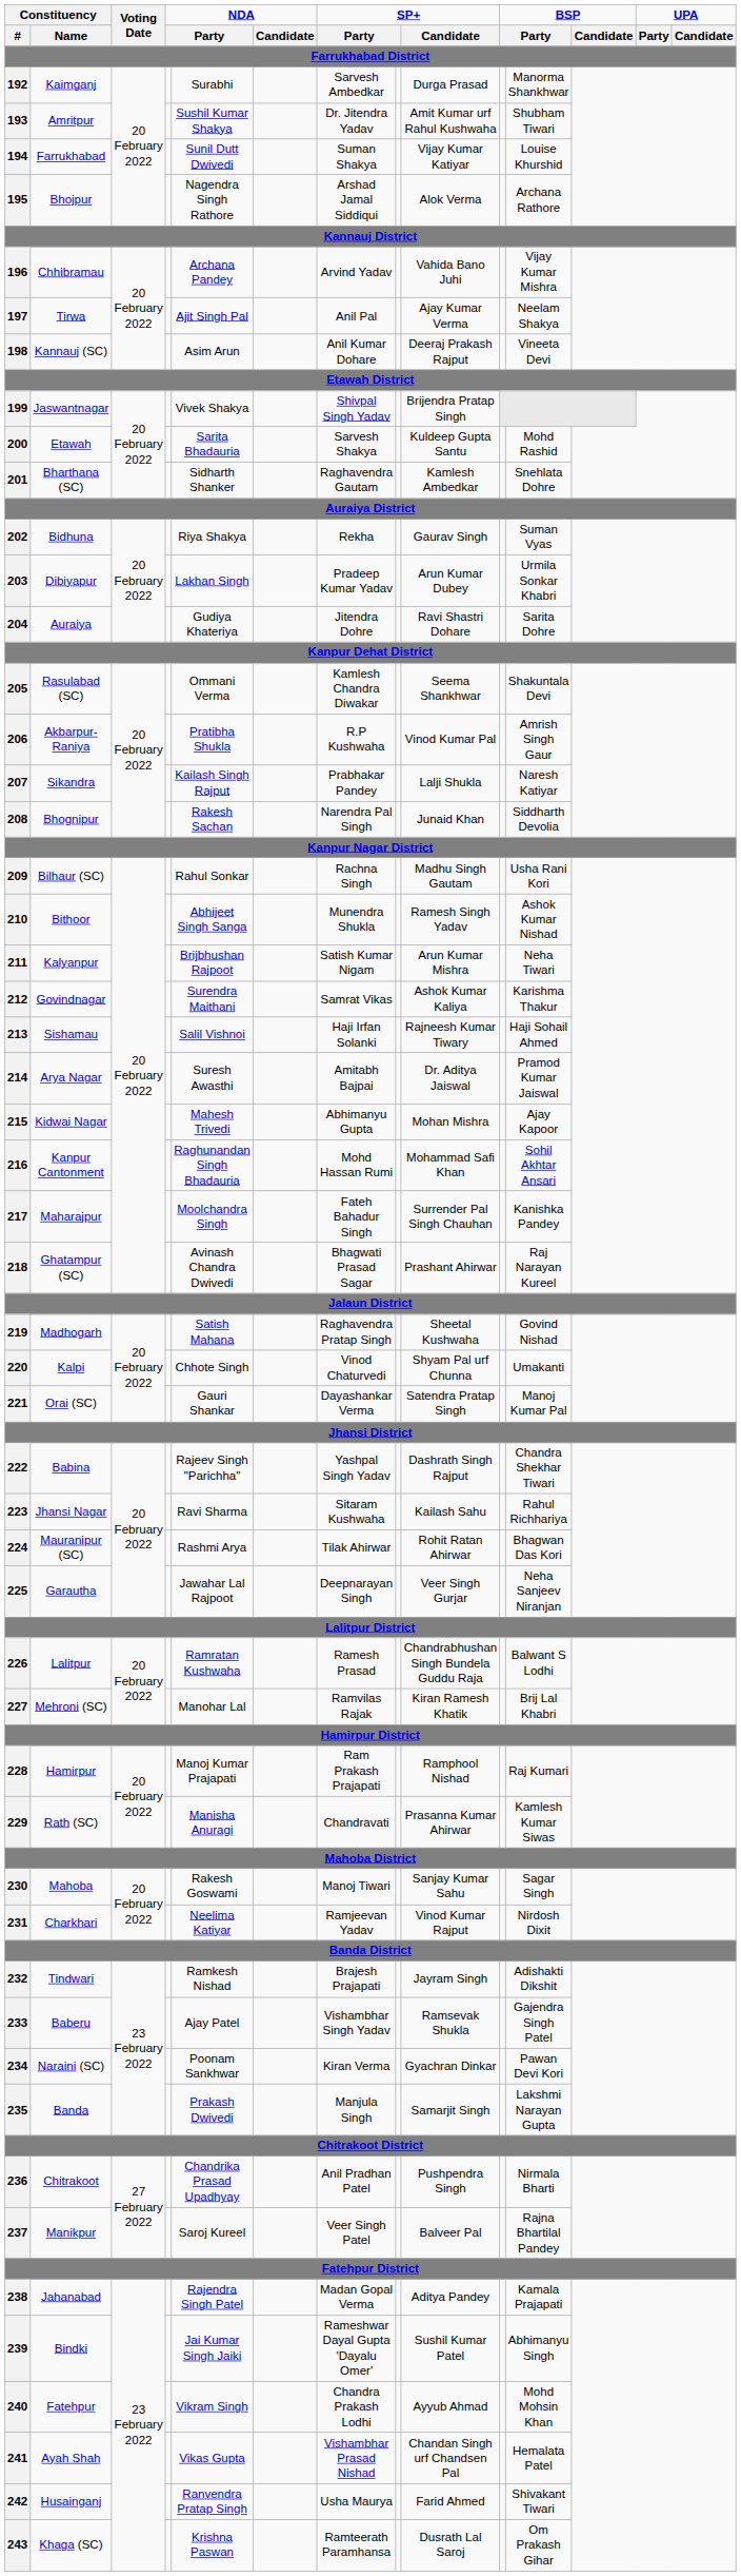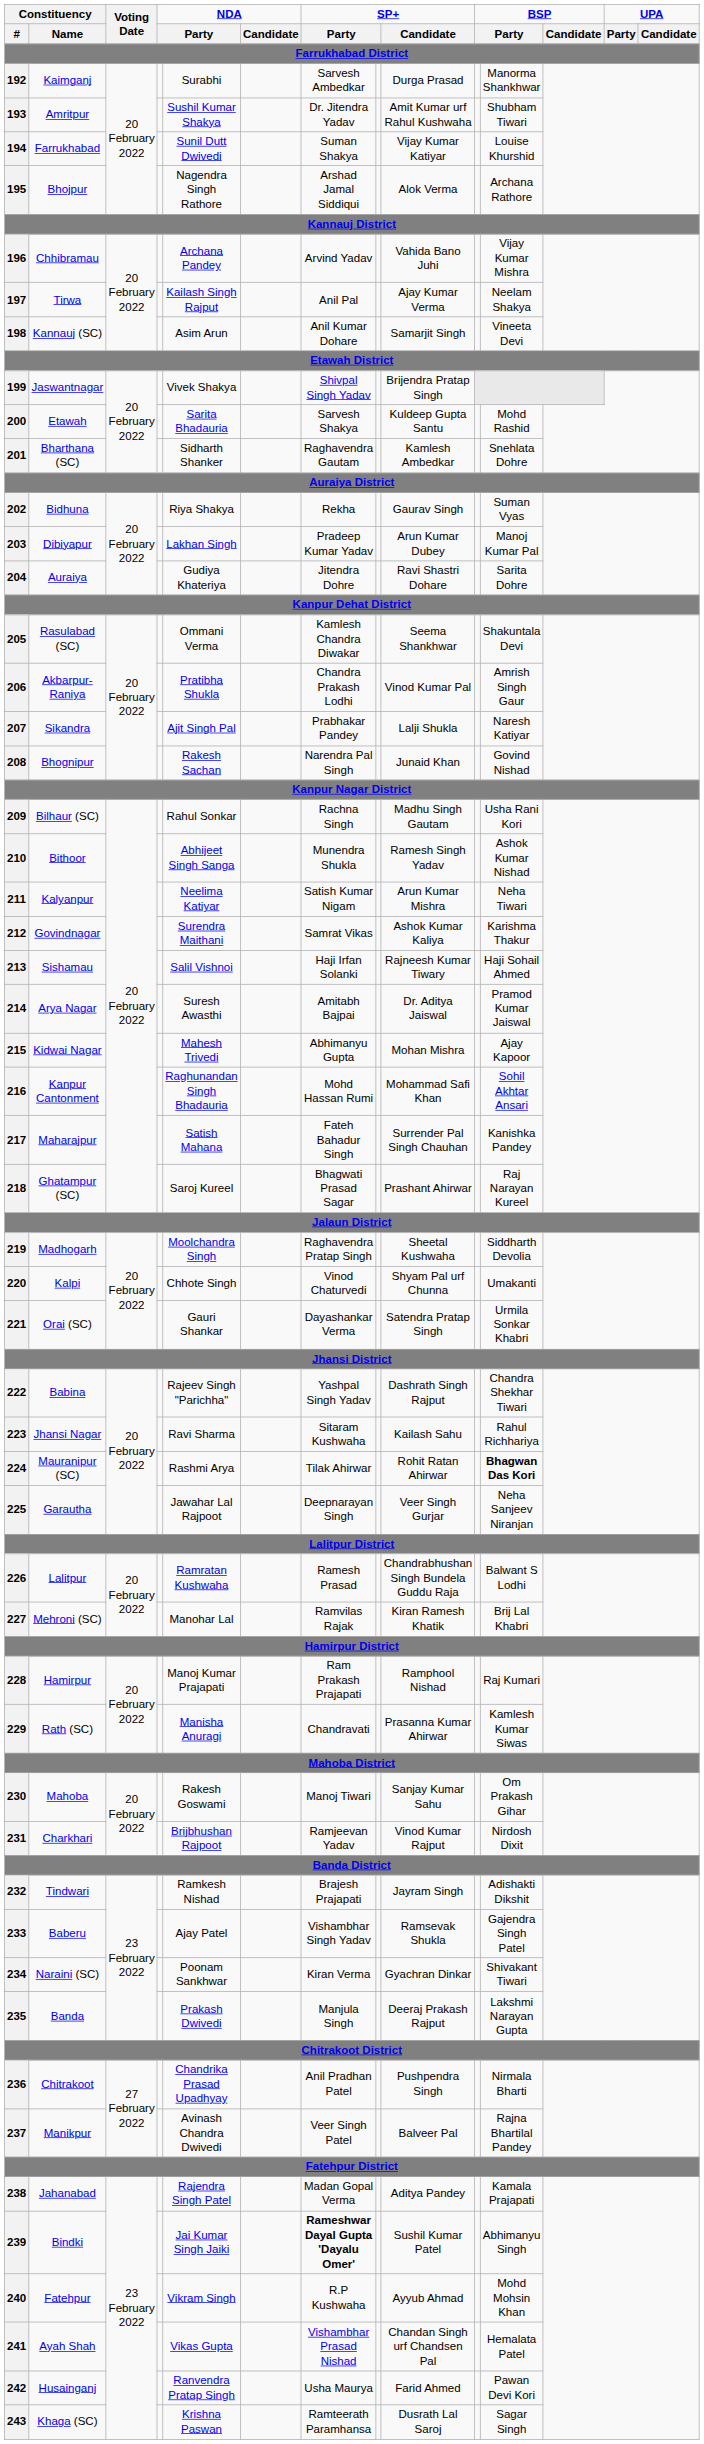 <table class="wikitable sortable mw-collapsible" style="line-height:20px;text-align:center;">
 <tr>
 <th colspan="2">Constituency</th>
 <th rowspan="2">Voting Date</th>
 <td colspan="3"><a href='#'><span><strong>NDA</strong></span></a></td>
 <td colspan="3"><a href='#'><span><strong>SP+</strong></span></a></td>
 <td colspan="3"><a href='#'><span><strong>BSP</strong></span></a></td>
 <td colspan="3"><a href='#'><span><strong>UPA</strong></span></a></td>
 </tr>
 <tr>
 <th>#</th>
 <th>Name</th>
 <th colspan="2">Party</th>
 <th>Candidate</th>
 <th colspan="2">Party</th>
 <th>Candidate</th>
 <th colspan="2">Party</th>
 <th>Candidate</th>
 <th colspan="2">Party</th>
 <th>Candidate</th>
 </tr>
 <tr>
 <td colspan="15" align="center" bgcolor="grey"><a href='#'><span><strong>Farrukhabad District</strong></span></a></td>
 </tr>
 <tr>
 <th>192</th>
 <td><a href='#'>Kaimganj</a></td>
 <td rowspan="4">20 February 2022</td>
 <td></td>
 <td>Surabhi</td>
 <td></td>
 <td>Sarvesh Ambedkar</td>
 <td></td>
 <td>Durga Prasad</td>
 <td></td>
 <td>Manorma Shankhwar</td>
 </tr>
 <tr>
 <th>193</th>
 <td><a href='#'>Amritpur</a></td>
 <td></td>
 <td><a href='#'>Sushil Kumar Shakya</a></td>
 <td></td>
 <td>Dr. Jitendra Yadav</td>
 <td></td>
 <td>Amit Kumar urf Rahul Kushwaha</td>
 <td></td>
 <td>Shubham Tiwari</td>
 </tr>
 <tr>
 <th>194</th>
 <td><a href='#'>Farrukhabad</a></td>
 <td></td>
 <td><a href='#'>Sunil Dutt Dwivedi</a></td>
 <td></td>
 <td>Suman Shakya</td>
 <td></td>
 <td>Vijay Kumar Katiyar</td>
 <td></td>
 <td>Louise Khurshid</td>
 </tr>
 <tr>
 <th>195</th>
 <td><a href='#'>Bhojpur</a></td>
 <td></td>
 <td>Nagendra Singh Rathore</td>
 <td></td>
 <td>Arshad Jamal Siddiqui</td>
 <td></td>
 <td>Alok Verma</td>
 <td></td>
 <td>Archana Rathore</td>
 </tr>
 <tr>
 <td colspan="15" align="center" bgcolor="grey"><a href='#'><span><strong>Kannauj District</strong></span></a></td>
 </tr>
 <tr>
 <th>196</th>
 <td><a href='#'>Chhibramau</a></td>
 <td rowspan="3">20 February 2022</td>
 <td></td>
 <td><a href='#'>Archana Pandey</a></td>
 <td></td>
 <td>Arvind Yadav</td>
 <td></td>
 <td>Vahida Bano Juhi</td>
 <td></td>
 <td>Vijay Kumar Mishra</td>
 </tr>
 <tr>
 <th>197</th>
 <td><a href='#'>Tirwa</a></td>
 <td></td>
-<td><a href='#'>Ajit Singh Pal</a></td>
+<td><a href='#'>Kailash Singh Rajput</a></td>
 <td></td>
 <td>Anil Pal</td>
 <td></td>
 <td>Ajay Kumar Verma</td>
 <td></td>
 <td>Neelam Shakya</td>
 </tr>
 <tr>
 <th>198</th>
 <td><a href='#'>Kannauj</a> (SC)</td>
 <td></td>
 <td>Asim Arun</td>
 <td></td>
 <td>Anil Kumar Dohare</td>
 <td></td>
-<td>Deeraj Prakash Rajput</td>
+<td>Samarjit Singh</td>
 <td></td>
 <td>Vineeta Devi</td>
 </tr>
 <tr>
 <td colspan="15" align="center" bgcolor="grey"><a href='#'><span><strong>Etawah District</strong></span></a></td>
 </tr>
 <tr>
 <th>199</th>
 <td><a href='#'>Jaswantnagar</a></td>
 <td rowspan="3">20 February 2022</td>
 <td></td>
 <td>Vivek Shakya</td>
 <td></td>
 <td><a href='#'>Shivpal Singh Yadav</a></td>
 <td></td>
 <td>Brijendra Pratap Singh</td>
 <td colspan="3" style="background-color:#E9E9E9"></td>
 </tr>
 <tr>
 <th>200</th>
 <td><a href='#'>Etawah</a></td>
 <td></td>
 <td><a href='#'>Sarita Bhadauria</a></td>
 <td></td>
 <td>Sarvesh Shakya</td>
 <td></td>
 <td>Kuldeep Gupta Santu</td>
 <td></td>
 <td>Mohd Rashid</td>
 </tr>
 <tr>
 <th>201</th>
 <td><a href='#'>Bharthana</a> (SC)</td>
 <td></td>
 <td>Sidharth Shanker</td>
 <td></td>
 <td>Raghavendra Gautam</td>
 <td></td>
 <td>Kamlesh Ambedkar</td>
 <td></td>
 <td>Snehlata Dohre</td>
 </tr>
 <tr>
 <td colspan="15" align="center" bgcolor="grey"><a href='#'><span><strong>Auraiya District</strong></span></a></td>
 </tr>
 <tr>
 <th>202</th>
 <td><a href='#'>Bidhuna</a></td>
 <td rowspan="3">20 February 2022</td>
 <td></td>
 <td>Riya Shakya</td>
 <td></td>
 <td>Rekha</td>
 <td></td>
 <td>Gaurav Singh</td>
 <td></td>
 <td>Suman Vyas</td>
 </tr>
 <tr>
 <th>203</th>
 <td><a href='#'>Dibiyapur</a></td>
 <td></td>
 <td><a href='#'>Lakhan Singh</a></td>
 <td></td>
 <td>Pradeep Kumar Yadav</td>
 <td></td>
 <td>Arun Kumar Dubey</td>
 <td></td>
-<td>Urmila Sonkar Khabri</td>
+<td>Manoj Kumar Pal</td>
 </tr>
 <tr>
 <th>204</th>
 <td><a href='#'>Auraiya</a></td>
 <td></td>
 <td>Gudiya Khateriya</td>
 <td></td>
 <td>Jitendra Dohre</td>
 <td></td>
 <td>Ravi Shastri Dohare</td>
 <td></td>
 <td>Sarita Dohre</td>
 </tr>
 <tr>
 <td colspan="15" align="center" bgcolor="grey"><a href='#'><span><strong>Kanpur Dehat District</strong></span></a></td>
 </tr>
 <tr>
 <th>205</th>
 <td><a href='#'>Rasulabad</a> (SC)</td>
 <td rowspan="4">20 February 2022</td>
 <td></td>
 <td>Ommani Verma</td>
 <td></td>
 <td>Kamlesh Chandra Diwakar</td>
 <td></td>
 <td>Seema Shankhwar</td>
 <td></td>
 <td>Shakuntala Devi</td>
 </tr>
 <tr>
 <th>206</th>
 <td><a href='#'>Akbarpur-Raniya</a></td>
 <td></td>
 <td><a href='#'>Pratibha Shukla</a></td>
 <td></td>
-<td>R.P Kushwaha</td>
+<td>Chandra Prakash Lodhi</td>
 <td></td>
 <td>Vinod Kumar Pal</td>
 <td></td>
 <td>Amrish Singh Gaur</td>
 </tr>
 <tr>
 <th>207</th>
 <td><a href='#'>Sikandra</a></td>
 <td></td>
-<td><a href='#'>Kailash Singh Rajput</a></td>
+<td><a href='#'>Ajit Singh Pal</a></td>
 <td></td>
 <td>Prabhakar Pandey</td>
 <td></td>
 <td>Lalji Shukla</td>
 <td></td>
 <td>Naresh Katiyar</td>
 </tr>
 <tr>
 <th>208</th>
 <td><a href='#'>Bhognipur</a></td>
 <td></td>
 <td><a href='#'>Rakesh Sachan</a></td>
 <td></td>
 <td>Narendra Pal Singh</td>
 <td></td>
 <td>Junaid Khan</td>
 <td></td>
-<td>Siddharth Devolia</td>
+<td>Govind Nishad</td>
 </tr>
 <tr>
 <td colspan="15" align="center" bgcolor="grey"><a href='#'><span><strong>Kanpur Nagar District</strong></span></a></td>
 </tr>
 <tr>
 <th>209</th>
 <td><a href='#'>Bilhaur</a> (SC)</td>
 <td rowspan="10">20 February 2022</td>
 <td></td>
 <td>Rahul Sonkar</td>
 <td></td>
 <td>Rachna Singh</td>
 <td></td>
 <td>Madhu Singh Gautam</td>
 <td></td>
 <td>Usha Rani Kori</td>
 </tr>
 <tr>
 <th>210</th>
 <td><a href='#'>Bithoor</a></td>
 <td></td>
 <td><a href='#'>Abhijeet Singh Sanga</a></td>
 <td></td>
 <td>Munendra Shukla</td>
 <td></td>
 <td>Ramesh Singh Yadav</td>
 <td></td>
 <td>Ashok Kumar Nishad</td>
 </tr>
 <tr>
 <th>211</th>
 <td><a href='#'>Kalyanpur</a></td>
 <td></td>
-<td><a href='#'>Brijbhushan Rajpoot</a></td>
+<td><a href='#'>Neelima Katiyar</a></td>
 <td></td>
 <td>Satish Kumar Nigam</td>
 <td></td>
 <td>Arun Kumar Mishra</td>
 <td></td>
 <td>Neha Tiwari</td>
 </tr>
 <tr>
 <th>212</th>
 <td><a href='#'>Govindnagar</a></td>
 <td></td>
 <td><a href='#'>Surendra Maithani</a></td>
 <td></td>
 <td>Samrat Vikas</td>
 <td></td>
 <td>Ashok Kumar Kaliya</td>
 <td></td>
 <td>Karishma Thakur</td>
 </tr>
 <tr>
 <th>213</th>
 <td><a href='#'>Sishamau</a></td>
 <td></td>
 <td><a href='#'>Salil Vishnoi</a></td>
 <td></td>
 <td>Haji Irfan Solanki</td>
 <td></td>
 <td>Rajneesh Kumar Tiwary</td>
 <td></td>
 <td>Haji Sohail Ahmed</td>
 </tr>
 <tr>
 <th>214</th>
 <td><a href='#'>Arya Nagar</a></td>
 <td></td>
 <td>Suresh Awasthi</td>
 <td></td>
 <td>Amitabh Bajpai</td>
 <td></td>
 <td>Dr. Aditya Jaiswal</td>
 <td></td>
 <td>Pramod Kumar Jaiswal</td>
 </tr>
 <tr>
 <th>215</th>
 <td><a href='#'>Kidwai Nagar</a></td>
 <td></td>
 <td><a href='#'>Mahesh Trivedi</a></td>
 <td></td>
 <td>Abhimanyu Gupta</td>
 <td></td>
 <td>Mohan Mishra</td>
 <td></td>
 <td>Ajay Kapoor</td>
 </tr>
 <tr>
 <th>216</th>
 <td><a href='#'>Kanpur Cantonment</a></td>
 <td></td>
 <td><a href='#'>Raghunandan Singh Bhadauria</a></td>
 <td></td>
 <td>Mohd Hassan Rumi</td>
 <td></td>
 <td>Mohammad Safi Khan</td>
 <td></td>
 <td><a href='#'>Sohil Akhtar Ansari</a></td>
 </tr>
 <tr>
 <th>217</th>
 <td><a href='#'>Maharajpur</a></td>
 <td></td>
-<td><a href='#'>Moolchandra Singh</a></td>
+<td><a href='#'>Satish Mahana</a></td>
 <td></td>
 <td>Fateh Bahadur Singh</td>
 <td></td>
 <td>Surrender Pal Singh Chauhan</td>
 <td></td>
 <td>Kanishka Pandey</td>
 </tr>
 <tr>
 <th>218</th>
 <td><a href='#'>Ghatampur</a> (SC)</td>
 <td></td>
-<td>Avinash Chandra Dwivedi</td>
+<td>Saroj Kureel</td>
 <td></td>
 <td>Bhagwati Prasad Sagar</td>
 <td></td>
 <td>Prashant Ahirwar</td>
 <td></td>
 <td>Raj Narayan Kureel</td>
 </tr>
 <tr>
 <td colspan="15" align="center" bgcolor="grey"><a href='#'><span><strong>Jalaun District</strong></span></a></td>
 </tr>
 <tr>
 <th>219</th>
 <td><a href='#'>Madhogarh</a></td>
 <td rowspan="3">20 February 2022</td>
 <td></td>
-<td><a href='#'>Satish Mahana</a></td>
+<td><a href='#'>Moolchandra Singh</a></td>
 <td></td>
 <td>Raghavendra Pratap Singh</td>
 <td></td>
 <td>Sheetal Kushwaha</td>
 <td></td>
-<td>Govind Nishad</td>
+<td>Siddharth Devolia</td>
 </tr>
 <tr>
 <th>220</th>
 <td><a href='#'>Kalpi</a></td>
 <td></td>
 <td>Chhote Singh</td>
 <td></td>
 <td>Vinod Chaturvedi</td>
 <td></td>
 <td>Shyam Pal urf Chunna</td>
 <td></td>
 <td>Umakanti</td>
 </tr>
 <tr>
 <th>221</th>
 <td><a href='#'>Orai</a> (SC)</td>
 <td></td>
 <td>Gauri Shankar</td>
 <td></td>
 <td>Dayashankar Verma</td>
 <td></td>
 <td>Satendra Pratap Singh</td>
 <td></td>
-<td>Manoj Kumar Pal</td>
+<td>Urmila Sonkar Khabri</td>
 </tr>
 <tr>
 <td colspan="15" align="center" bgcolor="grey"><a href='#'><span><strong>Jhansi District</strong></span></a></td>
 </tr>
 <tr>
 <th>222</th>
 <td><a href='#'>Babina</a></td>
 <td rowspan="4">20 February 2022</td>
 <td></td>
 <td>Rajeev Singh "Parichha"</td>
 <td></td>
 <td>Yashpal Singh Yadav</td>
 <td></td>
 <td>Dashrath Singh Rajput</td>
 <td></td>
 <td>Chandra Shekhar Tiwari</td>
 </tr>
 <tr>
 <th>223</th>
 <td><a href='#'>Jhansi Nagar</a></td>
 <td></td>
 <td>Ravi Sharma</td>
 <td></td>
 <td>Sitaram Kushwaha</td>
 <td></td>
 <td>Kailash Sahu</td>
 <td></td>
 <td>Rahul Richhariya</td>
 </tr>
 <tr>
 <th>224</th>
 <td><a href='#'>Mauranipur</a> (SC)</td>
 <td></td>
 <td>Rashmi Arya</td>
 <td></td>
 <td>Tilak Ahirwar</td>
 <td></td>
 <td>Rohit Ratan Ahirwar</td>
 <td></td>
-<td>Bhagwan Das Kori</td>
+<td><strong>Bhagwan Das Kori</strong></td>
 </tr>
 <tr>
 <th>225</th>
 <td><a href='#'>Garautha</a></td>
 <td></td>
 <td>Jawahar Lal Rajpoot</td>
 <td></td>
 <td>Deepnarayan Singh</td>
 <td></td>
 <td>Veer Singh Gurjar</td>
 <td></td>
 <td>Neha Sanjeev Niranjan</td>
 </tr>
 <tr>
 <td colspan="15" align="center" bgcolor="grey"><a href='#'><span><strong>Lalitpur District</strong></span></a></td>
 </tr>
 <tr>
 <th>226</th>
 <td><a href='#'>Lalitpur</a></td>
 <td rowspan="2">20 February 2022</td>
 <td></td>
 <td><a href='#'>Ramratan Kushwaha</a></td>
 <td></td>
 <td>Ramesh Prasad</td>
 <td></td>
 <td>Chandrabhushan Singh Bundela Guddu Raja</td>
 <td></td>
 <td>Balwant S Lodhi</td>
 </tr>
 <tr>
 <th>227</th>
 <td><a href='#'>Mehroni</a> (SC)</td>
 <td></td>
 <td>Manohar Lal</td>
 <td></td>
 <td>Ramvilas  Rajak</td>
 <td></td>
 <td>Kiran Ramesh Khatik</td>
 <td></td>
 <td>Brij Lal Khabri</td>
 </tr>
 <tr>
 <td colspan="15" align="center" bgcolor="grey"><a href='#'><span><strong>Hamirpur District</strong></span></a></td>
 </tr>
 <tr>
 <th>228</th>
 <td><a href='#'>Hamirpur</a></td>
 <td rowspan="2">20 February 2022</td>
 <td></td>
 <td>Manoj Kumar Prajapati</td>
 <td></td>
 <td>Ram Prakash Prajapati</td>
 <td></td>
 <td>Ramphool Nishad</td>
 <td></td>
 <td>Raj Kumari</td>
 </tr>
 <tr>
 <th>229</th>
 <td><a href='#'>Rath</a> (SC)</td>
 <td></td>
 <td><a href='#'>Manisha Anuragi</a></td>
 <td></td>
 <td>Chandravati</td>
 <td></td>
 <td>Prasanna Kumar Ahirwar</td>
 <td></td>
 <td>Kamlesh Kumar Siwas</td>
 </tr>
 <tr>
 <td colspan="15" align="center" bgcolor="grey"><a href='#'><span><strong>Mahoba District</strong></span></a></td>
 </tr>
 <tr>
 <th>230</th>
 <td><a href='#'>Mahoba</a></td>
 <td rowspan="2">20 February 2022</td>
 <td></td>
 <td>Rakesh Goswami</td>
 <td></td>
 <td>Manoj Tiwari</td>
 <td></td>
 <td>Sanjay Kumar Sahu</td>
 <td></td>
-<td>Sagar Singh</td>
+<td>Om Prakash Gihar</td>
 </tr>
 <tr>
 <th>231</th>
 <td><a href='#'>Charkhari</a></td>
 <td></td>
-<td><a href='#'>Neelima Katiyar</a></td>
+<td><a href='#'>Brijbhushan Rajpoot</a></td>
 <td></td>
 <td>Ramjeevan Yadav</td>
 <td></td>
 <td>Vinod Kumar Rajput</td>
 <td></td>
 <td>Nirdosh Dixit</td>
 </tr>
 <tr>
 <td colspan="15" align="center" bgcolor="grey"><a href='#'><span><strong>Banda District</strong></span></a></td>
 </tr>
 <tr>
 <th>232</th>
 <td><a href='#'>Tindwari</a></td>
 <td rowspan="4">23 February 2022</td>
 <td></td>
 <td>Ramkesh Nishad</td>
 <td></td>
 <td>Brajesh Prajapati</td>
 <td></td>
 <td>Jayram Singh</td>
 <td></td>
 <td>Adishakti Dikshit</td>
 </tr>
 <tr>
 <th>233</th>
 <td><a href='#'>Baberu</a></td>
 <td></td>
 <td>Ajay Patel</td>
 <td></td>
 <td>Vishambhar Singh Yadav</td>
 <td></td>
 <td>Ramsevak Shukla</td>
 <td></td>
 <td>Gajendra Singh Patel</td>
 </tr>
 <tr>
 <th>234</th>
 <td><a href='#'>Naraini</a> (SC)</td>
 <td></td>
 <td>Poonam Sankhwar</td>
 <td></td>
 <td>Kiran Verma</td>
 <td></td>
 <td>Gyachran Dinkar</td>
 <td></td>
-<td>Pawan Devi Kori</td>
+<td>Shivakant Tiwari</td>
 </tr>
 <tr>
 <th>235</th>
 <td><a href='#'>Banda</a></td>
 <td></td>
 <td><a href='#'>Prakash Dwivedi</a></td>
 <td></td>
 <td>Manjula Singh</td>
 <td></td>
-<td>Samarjit Singh</td>
+<td>Deeraj Prakash Rajput</td>
 <td></td>
 <td>Lakshmi Narayan Gupta</td>
 </tr>
 <tr>
 <td colspan="15" align="center" bgcolor="grey"><a href='#'><span><strong>Chitrakoot District</strong></span></a></td>
 </tr>
 <tr>
 <th>236</th>
 <td><a href='#'>Chitrakoot</a></td>
 <td rowspan="2">27 February 2022</td>
 <td></td>
 <td><a href='#'>Chandrika Prasad Upadhyay</a></td>
 <td></td>
 <td>Anil Pradhan Patel</td>
 <td></td>
 <td>Pushpendra Singh</td>
 <td></td>
 <td>Nirmala Bharti</td>
 </tr>
 <tr>
 <th>237</th>
 <td><a href='#'>Manikpur</a></td>
 <td></td>
-<td>Saroj Kureel</td>
+<td>Avinash Chandra Dwivedi</td>
 <td></td>
 <td>Veer Singh Patel</td>
 <td></td>
 <td>Balveer Pal</td>
 <td></td>
 <td>Rajna Bhartilal Pandey</td>
 </tr>
 <tr>
 <td colspan="15" align="center" bgcolor="grey"><a href='#'><span><strong>Fatehpur District</strong></span></a></td>
 </tr>
 <tr>
 <th>238</th>
 <td><a href='#'>Jahanabad</a></td>
 <td rowspan="6">23 February 2022</td>
 <td></td>
 <td><a href='#'>Rajendra Singh Patel</a></td>
 <td></td>
 <td>Madan Gopal Verma</td>
 <td></td>
 <td>Aditya Pandey</td>
 <td></td>
 <td>Kamala Prajapati</td>
 </tr>
 <tr>
 <th>239</th>
 <td><a href='#'>Bindki</a></td>
 <td></td>
 <td><a href='#'>Jai Kumar Singh Jaiki</a></td>
 <td></td>
-<td>Rameshwar Dayal Gupta 'Dayalu Omer'</td>
+<td><strong>Rameshwar Dayal Gupta 'Dayalu Omer'</strong></td>
 <td></td>
 <td>Sushil Kumar Patel</td>
 <td></td>
 <td>Abhimanyu Singh</td>
 </tr>
 <tr>
 <th>240</th>
 <td><a href='#'>Fatehpur</a></td>
 <td></td>
 <td><a href='#'>Vikram Singh</a></td>
 <td></td>
-<td>Chandra Prakash Lodhi</td>
+<td>R.P Kushwaha</td>
 <td></td>
 <td>Ayyub Ahmad</td>
 <td></td>
 <td>Mohd Mohsin Khan</td>
 </tr>
 <tr>
 <th>241</th>
 <td><a href='#'>Ayah Shah</a></td>
 <td></td>
 <td><a href='#'>Vikas Gupta</a></td>
 <td></td>
 <td><a href='#'>Vishambhar Prasad Nishad</a></td>
 <td></td>
 <td>Chandan Singh urf Chandsen Pal</td>
 <td></td>
 <td>Hemalata Patel</td>
 </tr>
 <tr>
 <th>242</th>
 <td><a href='#'>Husainganj</a></td>
 <td></td>
 <td><a href='#'>Ranvendra Pratap Singh</a></td>
 <td></td>
 <td>Usha Maurya</td>
 <td></td>
 <td>Farid Ahmed</td>
 <td></td>
-<td>Shivakant Tiwari</td>
+<td>Pawan Devi Kori</td>
 </tr>
 <tr>
 <th>243</th>
 <td><a href='#'>Khaga</a> (SC)</td>
 <td></td>
 <td><a href='#'>Krishna Paswan</a></td>
 <td></td>
 <td>Ramteerath Paramhansa</td>
 <td></td>
 <td>Dusrath Lal Saroj</td>
 <td></td>
-<td>Om Prakash Gihar</td>
+<td>Sagar Singh</td>
 </tr>
 </table>
